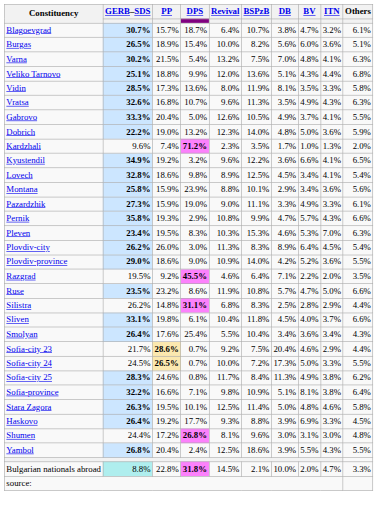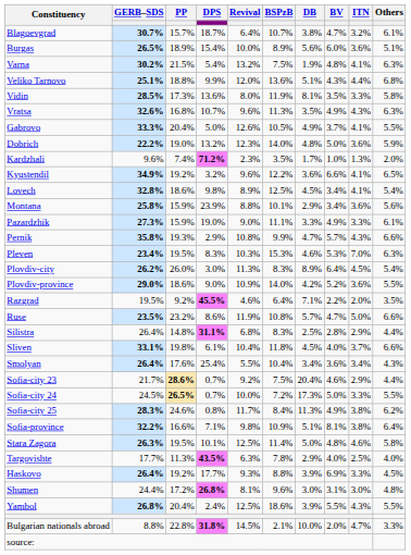 <table class="wikitable sortable collapsible" style="font-size:90%;text-align:right">
 <tr>
 <th rowspan=2>Constituency</th>
 <th><a href='#'>GERB</a>–<a href='#'>SDS</a></th>
 <th><a href='#'>PP</a></th>
 <th><a href='#'>DPS</a></th>
 <th><a href='#'>Revival</a></th>
 <th><a href='#'>BSPzB</a></th>
 <th><a href='#'>DB</a></th>
 <th><a href='#'>BV</a></th>
 <th><a href='#'>ITN</a></th>
 <th>Others</th>
 </tr>
 <tr>
 <th style=background:></th>
 <th style=background:></th>
 <th style="color:inherit;background:#800080"></th>
 <th style="background:"></th>
 <th style=background:></th>
 <th style=background:></th>
 <th style=background:></th>
 <th style=background:></th>
 <th style=background:></th>
 </tr>
 <tr>
 <td align=left><a href='#'>Blagoevgrad</a></td>
 <td style="background: #CCE6FF"><strong>30.7%</strong></td>
 <td>15.7%</td>
 <td>18.7%</td>
 <td>6.4%</td>
 <td>10.7%</td>
 <td>3.8%</td>
 <td>4.7%</td>
 <td>3.2%</td>
 <td>6.1%</td>
 </tr>
 <tr>
 <td align=left><a href='#'>Burgas</a></td>
 <td style="background: #CCE6FF"><strong>26.5%</strong></td>
 <td>18.9%</td>
 <td>15.4%</td>
 <td>10.0%</td>
-<td>8.2%</td>
+<td>8.9%</td>
 <td>5.6%</td>
 <td>6.0%</td>
 <td>3.6%</td>
 <td>5.1%</td>
 </tr>
 <tr>
 <td align=left><a href='#'>Varna</a></td>
 <td style="background: #CCE6FF"><strong>30.2%</strong></td>
 <td>21.5%</td>
 <td>5.4%</td>
 <td>13.2%</td>
 <td>7.5%</td>
-<td>7.0%</td>
+<td>1.9%</td>
 <td>4.8%</td>
 <td>4.1%</td>
 <td>6.3%</td>
 </tr>
 <tr>
 <td align=left><a href='#'>Veliko Tarnovo</a></td>
 <td style="background: #CCE6FF"><strong>25.1%</strong></td>
 <td>18.8%</td>
 <td>9.9%</td>
 <td>12.0%</td>
 <td>13.6%</td>
 <td>5.1%</td>
 <td>4.3%</td>
 <td>4.4%</td>
 <td>6.8%</td>
 </tr>
 <tr>
 <td align=left><a href='#'>Vidin</a></td>
 <td style="background: #CCE6FF"><strong>28.5%</strong></td>
 <td>17.3%</td>
 <td>13.6%</td>
 <td>8.0%</td>
 <td>11.9%</td>
 <td>8.1%</td>
 <td>3.5%</td>
 <td>3.3%</td>
 <td>5.8%</td>
 </tr>
 <tr>
 <td align=left><a href='#'>Vratsa</a></td>
 <td style="background: #CCE6FF"><strong>32.6%</strong></td>
 <td>16.8%</td>
 <td>10.7%</td>
 <td>9.6%</td>
 <td>11.3%</td>
 <td>3.5%</td>
 <td>4.9%</td>
 <td>4.3%</td>
 <td>6.3%</td>
 </tr>
 <tr>
 <td align=left><a href='#'>Gabrovo</a></td>
 <td style="background: #CCE6FF"><strong>33.3%</strong></td>
 <td>20.4%</td>
 <td>5.0%</td>
 <td>12.6%</td>
 <td>10.5%</td>
 <td>4.9%</td>
 <td>3.7%</td>
 <td>4.1%</td>
 <td>5.5%</td>
 </tr>
 <tr>
 <td align=left><a href='#'>Dobrich</a></td>
 <td style="background: #CCE6FF"><strong>22.2%</strong></td>
 <td>19.0%</td>
 <td>13.2%</td>
 <td>12.3%</td>
 <td>14.0%</td>
 <td>4.8%</td>
 <td>5.0%</td>
 <td>3.6%</td>
 <td>5.9%</td>
 </tr>
 <tr>
 <td align=left><a href='#'>Kardzhali</a></td>
 <td>9.6%</td>
 <td>7.4%</td>
 <td style="background: #FC81FC"><strong>71.2%</strong></td>
 <td>2.3%</td>
 <td>3.5%</td>
 <td>1.7%</td>
 <td>1.0%</td>
 <td>1.3%</td>
 <td>2.0%</td>
 </tr>
 <tr>
 <td align=left><a href='#'>Kyustendil</a></td>
 <td style="background: #CCE6FF"><strong>34.9%</strong></td>
 <td>19.2%</td>
 <td>3.2%</td>
 <td>9.6%</td>
 <td>12.2%</td>
 <td>3.6%</td>
 <td>6.6%</td>
 <td>4.1%</td>
 <td>6.5%</td>
 </tr>
 <tr>
 <td align=left><a href='#'>Lovech</a></td>
 <td style="background: #CCE6FF"><strong>32.8%</strong></td>
 <td>18.6%</td>
 <td>9.8%</td>
 <td>8.9%</td>
 <td>12.5%</td>
 <td>4.5%</td>
 <td>3.4%</td>
 <td>4.1%</td>
 <td>5.4%</td>
 </tr>
 <tr>
 <td align=left><a href='#'>Montana</a></td>
 <td style="background: #CCE6FF"><strong>25.8%</strong></td>
 <td>15.9%</td>
 <td>23.9%</td>
 <td>8.8%</td>
 <td>10.1%</td>
 <td>2.9%</td>
 <td>3.4%</td>
 <td>3.6%</td>
 <td>5.6%</td>
 </tr>
 <tr>
 <td align=left><a href='#'>Pazardzhik</a></td>
 <td style="background: #CCE6FF"><strong>27.3%</strong></td>
 <td>15.9%</td>
 <td>19.0%</td>
 <td>9.0%</td>
 <td>11.1%</td>
 <td>3.3%</td>
 <td>4.9%</td>
 <td>3.3%</td>
 <td>6.1%</td>
 </tr>
 <tr>
 <td align=left><a href='#'>Pernik</a></td>
 <td style="background: #CCE6FF"><strong>35.8%</strong></td>
 <td>19.3%</td>
 <td>2.9%</td>
 <td>10.8%</td>
 <td>9.9%</td>
 <td>4.7%</td>
 <td>5.7%</td>
 <td>4.3%</td>
 <td>6.6%</td>
 </tr>
 <tr>
 <td align=left><a href='#'>Pleven</a></td>
 <td style="background: #CCE6FF"><strong>23.4%</strong></td>
 <td>19.5%</td>
 <td>8.3%</td>
 <td>10.3%</td>
 <td>15.3%</td>
 <td>4.6%</td>
 <td>5.3%</td>
 <td>7.0%</td>
 <td>6.3%</td>
 </tr>
 <tr>
 <td align=left><a href='#'>Plovdiv-city</a></td>
 <td style="background: #CCE6FF"><strong>26.2%</strong></td>
 <td>26.0%</td>
 <td>3.0%</td>
 <td>11.3%</td>
 <td>8.3%</td>
 <td>8.9%</td>
 <td>6.4%</td>
 <td>4.5%</td>
 <td>5.4%</td>
 </tr>
 <tr>
 <td align=left><a href='#'>Plovdiv-province</a></td>
 <td style="background: #CCE6FF"><strong>29.0%</strong></td>
 <td>18.6%</td>
 <td>9.0%</td>
 <td>10.9%</td>
 <td>14.0%</td>
 <td>4.2%</td>
 <td>5.2%</td>
 <td>3.6%</td>
 <td>5.5%</td>
 </tr>
 <tr>
 <td align=left><a href='#'>Razgrad</a></td>
 <td>19.5%</td>
 <td>9.2%</td>
 <td style="background: #FC81FC"><strong>45.5%</strong></td>
 <td>4.6%</td>
 <td>6.4%</td>
 <td>7.1%</td>
 <td>2.2%</td>
 <td>2.0%</td>
 <td>3.5%</td>
 </tr>
 <tr>
 <td align=left><a href='#'>Ruse</a></td>
 <td style="background: #CCE6FF"><strong>23.5%</strong></td>
 <td>23.2%</td>
 <td>8.6%</td>
 <td>11.9%</td>
 <td>10.8%</td>
 <td>5.7%</td>
 <td>4.7%</td>
 <td>5.0%</td>
 <td>6.6%</td>
 </tr>
 <tr>
 <td align=left><a href='#'>Silistra</a></td>
-<td>26.2%</td>
+<td>26.4%</td>
 <td>14.8%</td>
 <td style="background: #FC81FC"><strong>31.1%</strong></td>
 <td>6.8%</td>
 <td>8.3%</td>
 <td>2.5%</td>
 <td>2.8%</td>
 <td>2.9%</td>
 <td>4.4%</td>
 </tr>
 <tr>
 <td align=left><a href='#'>Sliven</a></td>
 <td style="background: #CCE6FF"><strong>33.1%</strong></td>
 <td>19.8%</td>
 <td>6.1%</td>
 <td>10.4%</td>
 <td>11.8%</td>
 <td>4.5%</td>
 <td>4.0%</td>
 <td>3.7%</td>
 <td>6.6%</td>
 </tr>
 <tr>
 <td align=left><a href='#'>Smolyan</a></td>
 <td style="background: #CCE6FF"><strong>26.4%</strong></td>
 <td>17.6%</td>
 <td>25.4%</td>
 <td>5.5%</td>
 <td>10.4%</td>
 <td>3.4%</td>
 <td>3.6%</td>
 <td>3.4%</td>
 <td>4.3%</td>
 </tr>
 <tr>
 <td align=left><a href='#'>Sofia-city 23</a></td>
 <td>21.7%</td>
 <td style="background: #FBE8AF"><strong>28.6%</strong></td>
 <td>0.7%</td>
 <td>9.2%</td>
 <td>7.5%</td>
 <td>20.4%</td>
 <td>4.6%</td>
 <td>2.9%</td>
 <td>4.4%</td>
 </tr>
 <tr>
 <td align=left><a href='#'>Sofia-city 24</a></td>
 <td>24.5%</td>
 <td style="background: #FBE8AF"><strong>26.5%</strong></td>
 <td>0.7%</td>
 <td>10.0%</td>
 <td>7.2%</td>
 <td>17.3%</td>
 <td>5.0%</td>
 <td>3.3%</td>
 <td>5.5%</td>
 </tr>
 <tr>
 <td align=left><a href='#'>Sofia-city 25</a></td>
 <td style="background: #CCE6FF"><strong>28.3%</strong></td>
 <td>24.6%</td>
 <td>0.8%</td>
 <td>11.7%</td>
 <td>8.4%</td>
 <td>11.3%</td>
 <td>4.9%</td>
 <td>3.8%</td>
 <td>6.2%</td>
 </tr>
 <tr>
 <td align=left><a href='#'>Sofia-province</a></td>
 <td style="background: #CCE6FF"><strong>32.2%</strong></td>
 <td>16.6%</td>
 <td>7.1%</td>
 <td>9.8%</td>
 <td>10.9%</td>
 <td>5.1%</td>
 <td>8.1%</td>
 <td>3.8%</td>
 <td>6.4%</td>
 </tr>
 <tr>
 <td align=left><a href='#'>Stara Zagora</a></td>
 <td style="background: #CCE6FF"><strong>26.3%</strong></td>
 <td>19.5%</td>
 <td>10.1%</td>
 <td>12.5%</td>
 <td>11.4%</td>
 <td>5.0%</td>
 <td>4.8%</td>
 <td>4.6%</td>
 <td>5.8%</td>
 </tr>
 <tr>
+<td align=left><a href='#'>Targovishte</a></td>
+<td>17.7%</td>
+<td>11.3%</td>
+<td style="background: #FC81FC"><strong>43.5%</strong></td>
+<td>6.3%</td>
+<td>7.8%</td>
+<td>2.9%</td>
+<td>4.0%</td>
+<td>2.5%</td>
+<td>4.0%</td>
+</tr>
+<tr>
 <td align=left><a href='#'>Haskovo</a></td>
 <td style="background: #CCE6FF"><strong>26.4%</strong></td>
 <td>19.2%</td>
 <td>17.7%</td>
 <td>9.3%</td>
 <td>8.8%</td>
 <td>3.9%</td>
 <td>6.9%</td>
 <td>3.3%</td>
 <td>4.5%</td>
 </tr>
 <tr>
 <td align=left><a href='#'>Shumen</a></td>
 <td>24.4%</td>
 <td>17.2%</td>
 <td style="background: #FC81FC"><strong>26.8%</strong></td>
 <td>8.1%</td>
 <td>9.6%</td>
 <td>3.0%</td>
 <td>3.1%</td>
 <td>3.0%</td>
 <td>4.8%</td>
 </tr>
 <tr>
 <td align=left><a href='#'>Yambol</a></td>
 <td style="background: #CCE6FF"><strong>26.8%</strong></td>
 <td>20.4%</td>
 <td>2.4%</td>
 <td>12.5%</td>
 <td>18.6%</td>
 <td>3.9%</td>
 <td>5.5%</td>
 <td>4.3%</td>
 <td>5.5%</td>
 </tr>
 <tr>
 <th colspan="9";></th>
 </tr>
 <tr>
 <td>Bulgarian nationals abroad</td>
-<td style="background: paleturquoise;">8.8%</td>
+<td>8.8%</td>
 <td>22.8%</td>
 <td style="background: #FC81FC"><strong>31.8%</strong></td>
 <td>14.5%</td>
 <td>2.1%</td>
 <td>10.0%</td>
 <td>2.0%</td>
 <td>4.7%</td>
 <td>3.3%</td>
 </tr>
 <tr>
 <td align=left colspan=9>source: </td>
 </tr>
 </table>
